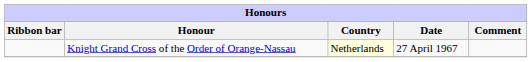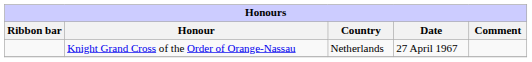 <table class="wikitable" style="width:60%;">
 <tr style="background:#ccf; text-align:center;">
 <td colspan=5><strong>Honours</strong></td>
 </tr>
 <tr>
 <th style="width:80px;">Ribbon bar</th>
 <th>Honour</th>
 <th>Country</th>
 <th>Date</th>
 <th>Comment</th>
 </tr>
 <tr>
 <td></td>
 <td><a href='#'>Knight Grand Cross</a> of the <a href='#'>Order of Orange-Nassau</a></td>
-<td style="background: lightyellow;">Netherlands</td>
+<td>Netherlands</td>
 <td>27 April 1967</td>
 <td></td>
 </tr>
 <tr>
 </tr>
 </table>
